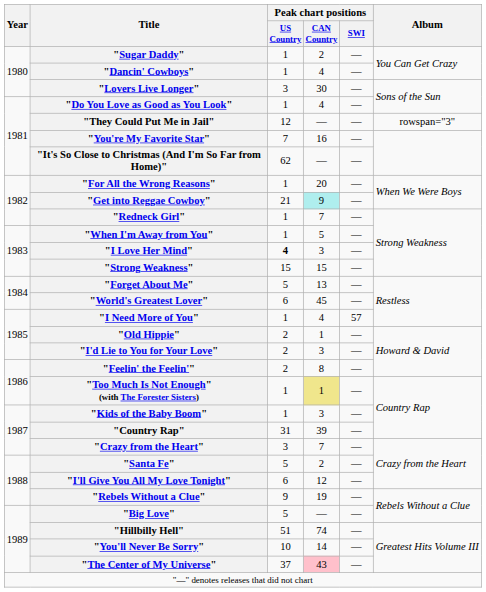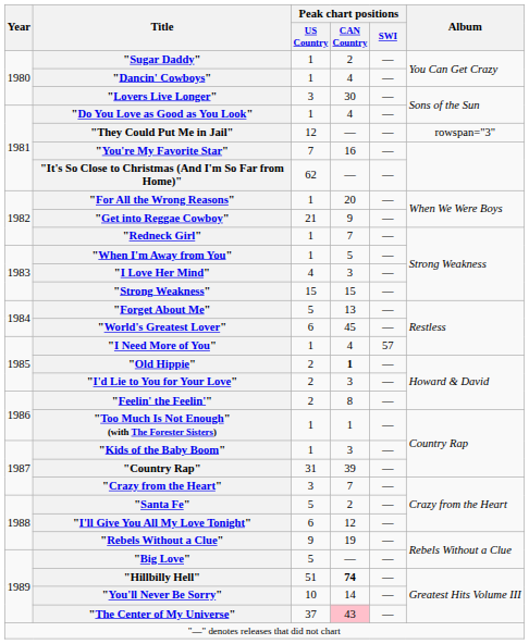 <table class="wikitable plainrowheaders" style="text-align:center;">
 <tr>
 <th scope="col" rowspan="2">Year</th>
 <th scope="col" rowspan="2" style="width:22em;">Title</th>
 <th scope="col" colspan="3">Peak chart positions</th>
 <th scope="col" rowspan="2">Album</th>
 </tr>
 <tr style="font-size:smaller;">
 <th scope="col" width="45"><a href='#'>US Country</a><br></th>
 <th scope="col" width="45"><a href='#'>CAN Country</a><br></th>
 <th scope="col" width="45"><a href='#'>SWI</a><br></th>
 </tr>
 <tr>
 <td rowspan="3">1980</td>
 <th scope="row">"<a href='#'>Sugar Daddy</a>"</th>
 <td>1</td>
 <td>2</td>
 <td>—</td>
 <td align="left" rowspan="2"><em>You Can Get Crazy</em></td>
 </tr>
 <tr>
 <th scope="row">"<a href='#'>Dancin' Cowboys</a>"</th>
 <td>1</td>
 <td>4</td>
 <td>—</td>
 </tr>
 <tr>
 <th scope="row">"<a href='#'>Lovers Live Longer</a>"</th>
 <td>3</td>
 <td>30</td>
 <td>—</td>
 <td align="left" rowspan="2"><em>Sons of the Sun</em></td>
 </tr>
 <tr>
 <td rowspan="4">1981</td>
 <th scope="row">"<a href='#'>Do You Love as Good as You Look</a>"</th>
 <td>1</td>
 <td>4</td>
 <td>—</td>
 </tr>
 <tr>
 <th scope="row">"They Could Put Me in Jail"</th>
 <td>12</td>
 <td>—</td>
 <td>—</td>
 <td>rowspan="3" </td>
 </tr>
 <tr>
 <th scope="row">"<a href='#'>You're My Favorite Star</a>"</th>
 <td>7</td>
 <td>16</td>
 <td>—</td>
 </tr>
 <tr>
 <th scope="row">"It's So Close to Christmas (And I'm So Far from Home)"</th>
 <td>62</td>
 <td>—</td>
 <td>—</td>
 </tr>
 <tr>
 <td rowspan="3">1982</td>
 <th scope="row">"<a href='#'>For All the Wrong Reasons</a>"</th>
 <td>1</td>
 <td>20</td>
 <td>—</td>
 <td align="left" rowspan="2"><em>When We Were Boys</em></td>
 </tr>
 <tr>
 <th scope="row">"<a href='#'>Get into Reggae Cowboy</a>"</th>
 <td>21</td>
-<td style="background: paleturquoise;">9</td>
+<td>9</td>
 <td>—</td>
 </tr>
 <tr>
 <th scope="row">"<a href='#'>Redneck Girl</a>"</th>
 <td>1</td>
 <td>7</td>
 <td>—</td>
 <td align="left" rowspan="4"><em>Strong Weakness</em></td>
 </tr>
 <tr>
 <td rowspan="3">1983</td>
 <th scope="row">"<a href='#'>When I'm Away from You</a>"</th>
 <td>1</td>
 <td>5</td>
 <td>—</td>
 </tr>
 <tr>
 <th scope="row">"<a href='#'>I Love Her Mind</a>"</th>
-<td><strong>4</strong></td>
+<td>4</td>
 <td>3</td>
 <td>—</td>
 </tr>
 <tr>
 <th scope="row">"<a href='#'>Strong Weakness</a>"</th>
 <td>15</td>
 <td>15</td>
 <td>—</td>
 </tr>
 <tr>
 <td rowspan="2">1984</td>
 <th scope="row">"<a href='#'>Forget About Me</a>"</th>
 <td>5</td>
 <td>13</td>
 <td>—</td>
 <td align="left" rowspan="3"><em>Restless</em></td>
 </tr>
 <tr>
 <th scope="row">"<a href='#'>World's Greatest Lover</a>"</th>
 <td>6</td>
 <td>45</td>
 <td>—</td>
 </tr>
 <tr>
 <td rowspan="3">1985</td>
 <th scope="row">"<a href='#'>I Need More of You</a>"</th>
 <td>1</td>
 <td>4</td>
 <td>57</td>
 </tr>
 <tr>
 <th scope="row">"<a href='#'>Old Hippie</a>"</th>
 <td>2</td>
-<td>1</td>
+<td><strong>1</strong></td>
 <td>—</td>
 <td align="left" rowspan="3"><em>Howard & David</em></td>
 </tr>
 <tr>
 <th scope="row">"<a href='#'>I'd Lie to You for Your Love</a>"</th>
 <td>2</td>
 <td>3</td>
 <td>—</td>
 </tr>
 <tr>
 <td rowspan="2">1986</td>
 <th scope="row">"<a href='#'>Feelin' the Feelin'</a>"</th>
 <td>2</td>
 <td>8</td>
 <td>—</td>
 </tr>
 <tr>
 <th scope="row">"<a href='#'>Too Much Is Not Enough</a>"<br><small>(with <a href='#'>The Forester Sisters</a>)</small></th>
 <td>1</td>
-<td style="background: khaki;">1</td>
+<td>1</td>
 <td>—</td>
 <td align="left" rowspan="3"><em>Country Rap</em></td>
 </tr>
 <tr>
 <td rowspan="3">1987</td>
 <th scope="row">"<a href='#'>Kids of the Baby Boom</a>"</th>
 <td>1</td>
 <td>3</td>
 <td>—</td>
 </tr>
 <tr>
 <th scope="row">"Country Rap"</th>
 <td>31</td>
 <td>39</td>
 <td>—</td>
 </tr>
 <tr>
 <th scope="row">"<a href='#'>Crazy from the Heart</a>"</th>
 <td>3</td>
 <td>7</td>
 <td>—</td>
 <td align="left" rowspan="3"><em>Crazy from the Heart</em></td>
 </tr>
 <tr>
 <td rowspan="3">1988</td>
 <th scope="row">"<a href='#'>Santa Fe</a>"</th>
 <td>5</td>
 <td>2</td>
 <td>—</td>
 </tr>
 <tr>
 <th scope="row">"<a href='#'>I'll Give You All My Love Tonight</a>"</th>
 <td>6</td>
 <td>12</td>
 <td>—</td>
 </tr>
 <tr>
 <th scope="row">"<a href='#'>Rebels Without a Clue</a>"</th>
 <td>9</td>
 <td>19</td>
 <td>—</td>
 <td align="left" rowspan="2"><em>Rebels Without a Clue</em></td>
 </tr>
 <tr>
 <td rowspan="4">1989</td>
 <th scope="row">"<a href='#'>Big Love</a>"</th>
 <td>5</td>
 <td>—</td>
 <td>—</td>
 </tr>
 <tr>
 <th scope="row">"Hillbilly Hell"</th>
 <td>51</td>
-<td>74</td>
+<td><strong>74</strong></td>
 <td>—</td>
 <td align="left" rowspan="3"><em>Greatest Hits Volume III</em></td>
 </tr>
 <tr>
 <th scope="row">"<a href='#'>You'll Never Be Sorry</a>"</th>
 <td>10</td>
 <td>14</td>
 <td>—</td>
 </tr>
 <tr>
 <th scope="row">"<a href='#'>The Center of My Universe</a>"</th>
 <td>37</td>
 <td style="background: pink;">43</td>
 <td>—</td>
 </tr>
 <tr>
 <td colspan="6" style="font-size:85%">"—" denotes releases that did not chart</td>
 </tr>
 </table>
